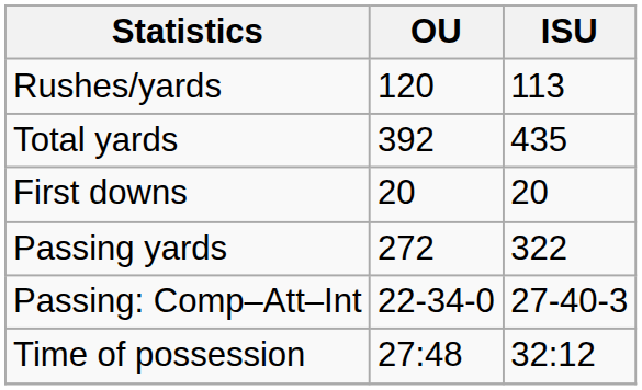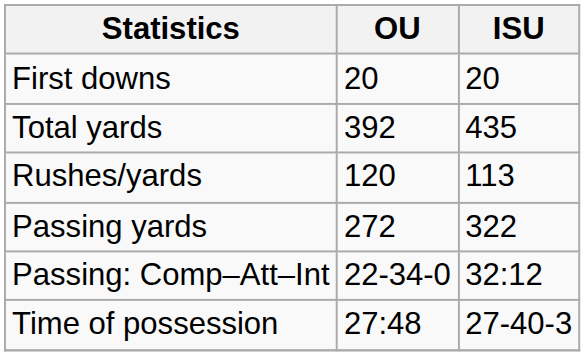 <table class="wikitable" style="float: left;">
 <tr>
 <th>Statistics</th>
 <th>OU</th>
 <th>ISU</th>
 </tr>
 <tr>
-<td>Rushes/yards</td>
-<td>120</td>
-<td>113</td>
+<td>First downs</td>
+<td>20</td>
+<td>20</td>
 </tr>
 <tr>
 <td>Total yards</td>
 <td>392</td>
 <td>435</td>
 </tr>
 <tr>
-<td>First downs</td>
-<td>20</td>
-<td>20</td>
+<td>Rushes/yards</td>
+<td>120</td>
+<td>113</td>
 </tr>
 <tr>
 <td>Passing yards</td>
 <td>272</td>
 <td>322</td>
 </tr>
 <tr>
 <td>Passing: Comp–Att–Int</td>
 <td>22-34-0</td>
-<td>27-40-3</td>
+<td>32:12</td>
 </tr>
 <tr>
 <td>Time of possession</td>
 <td>27:48</td>
-<td>32:12</td>
+<td>27-40-3</td>
 </tr>
 <tr>
 </tr>
 </table>
